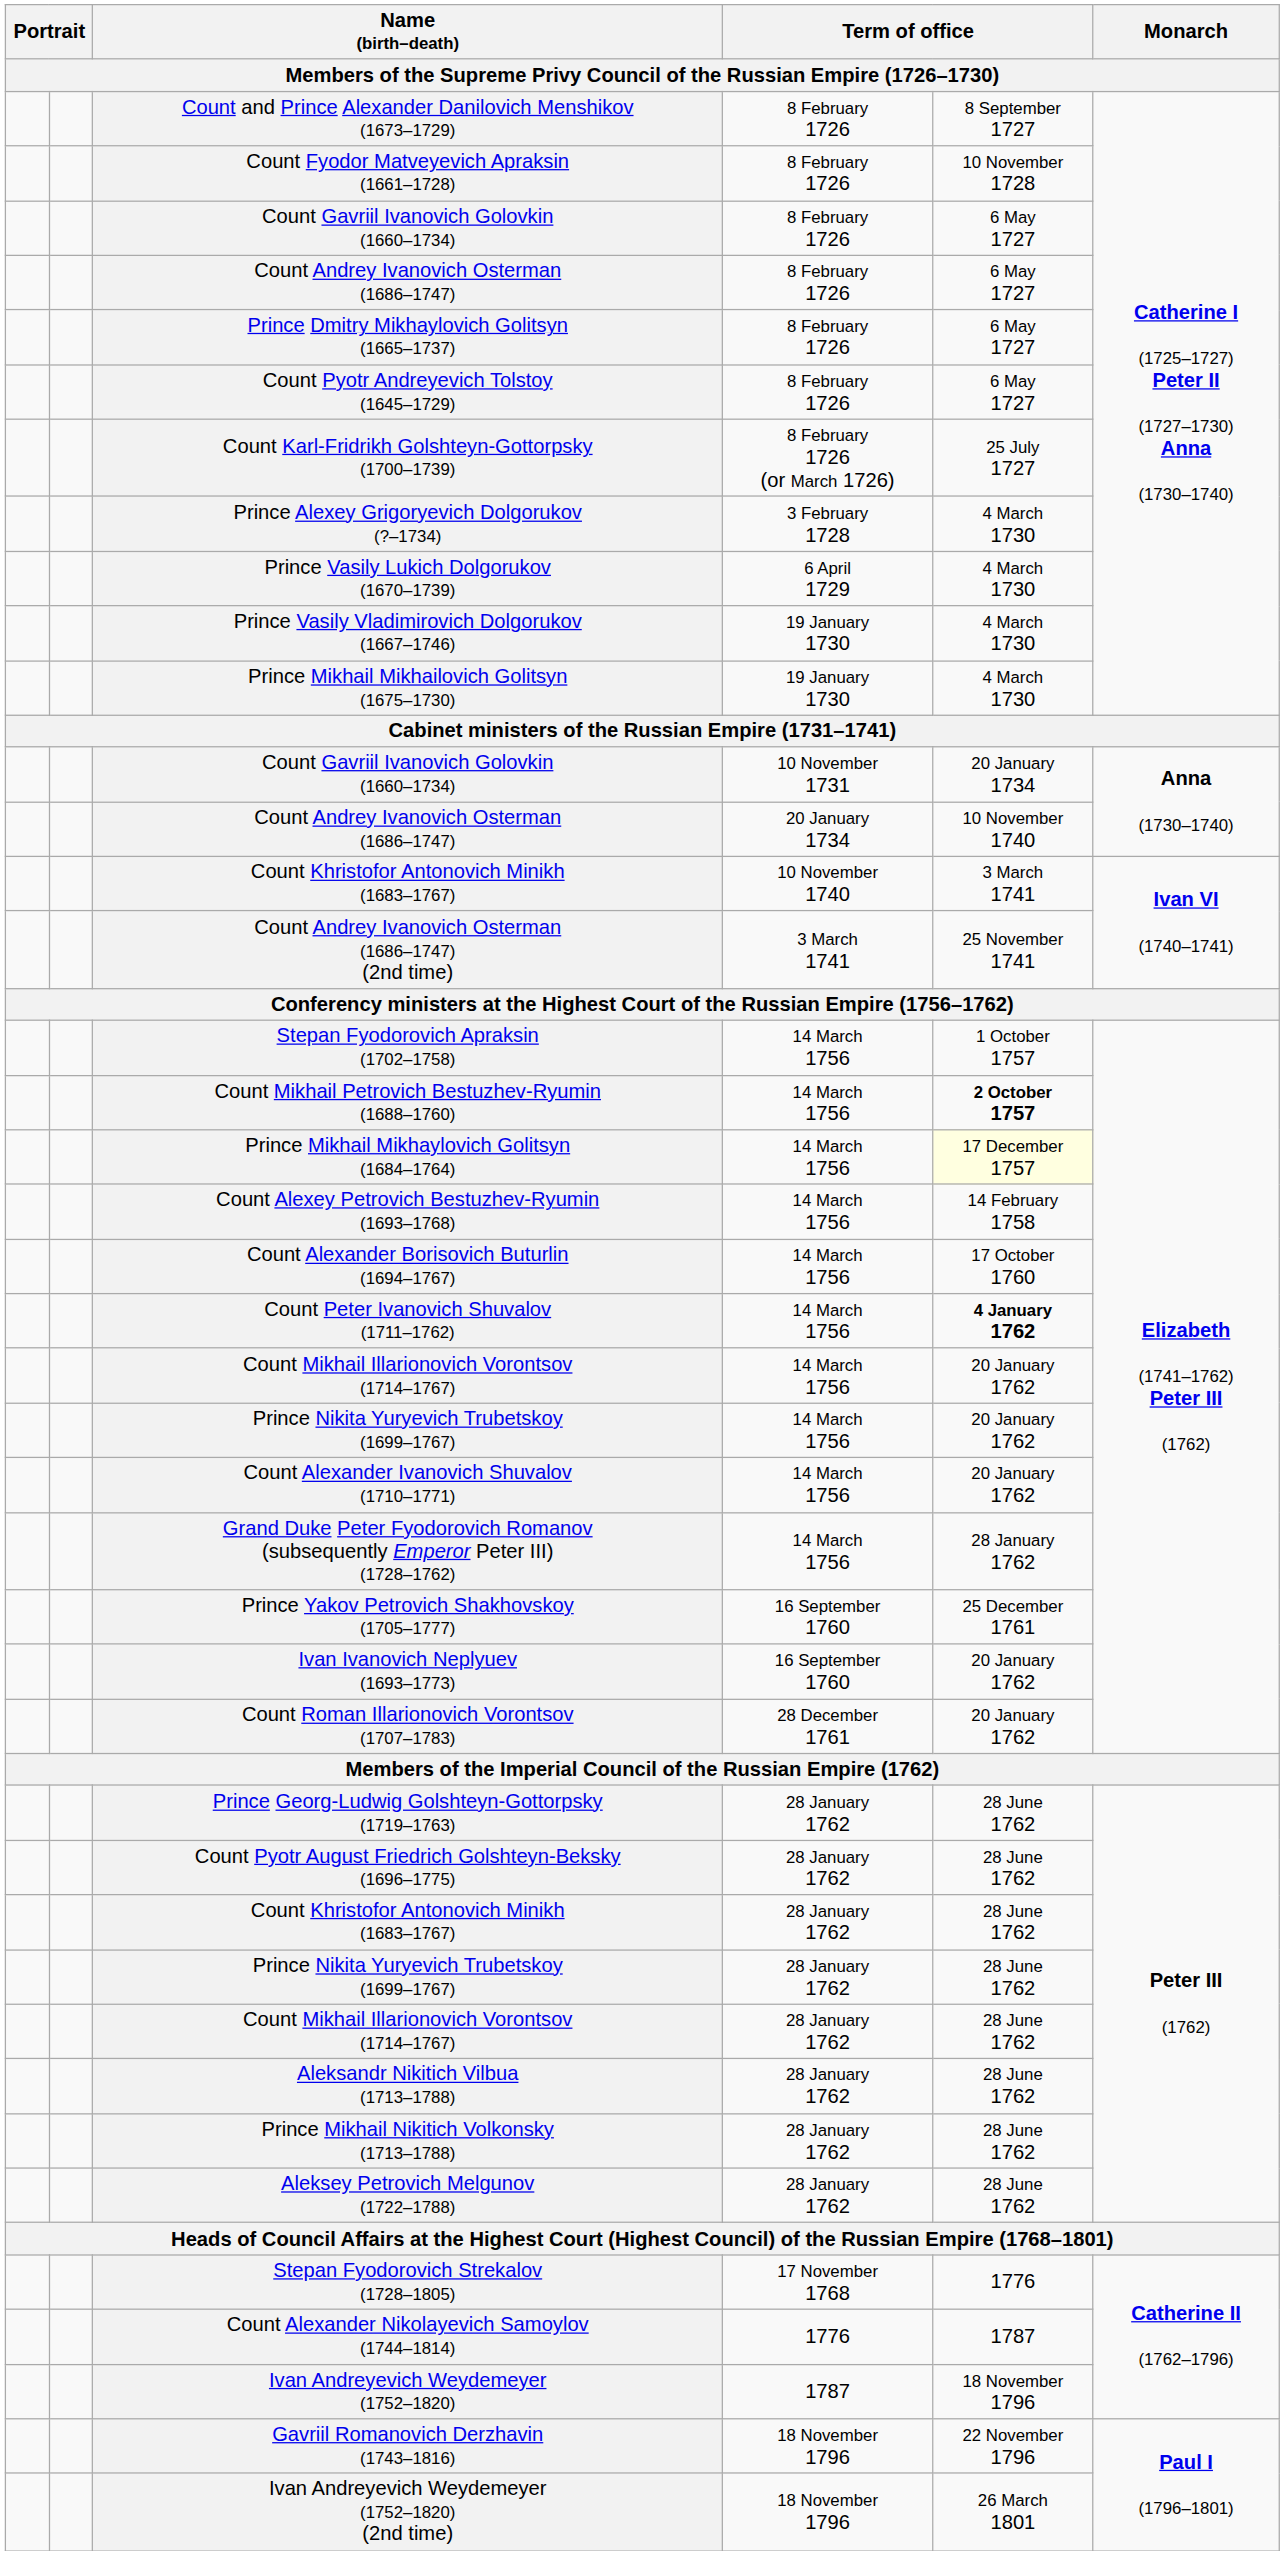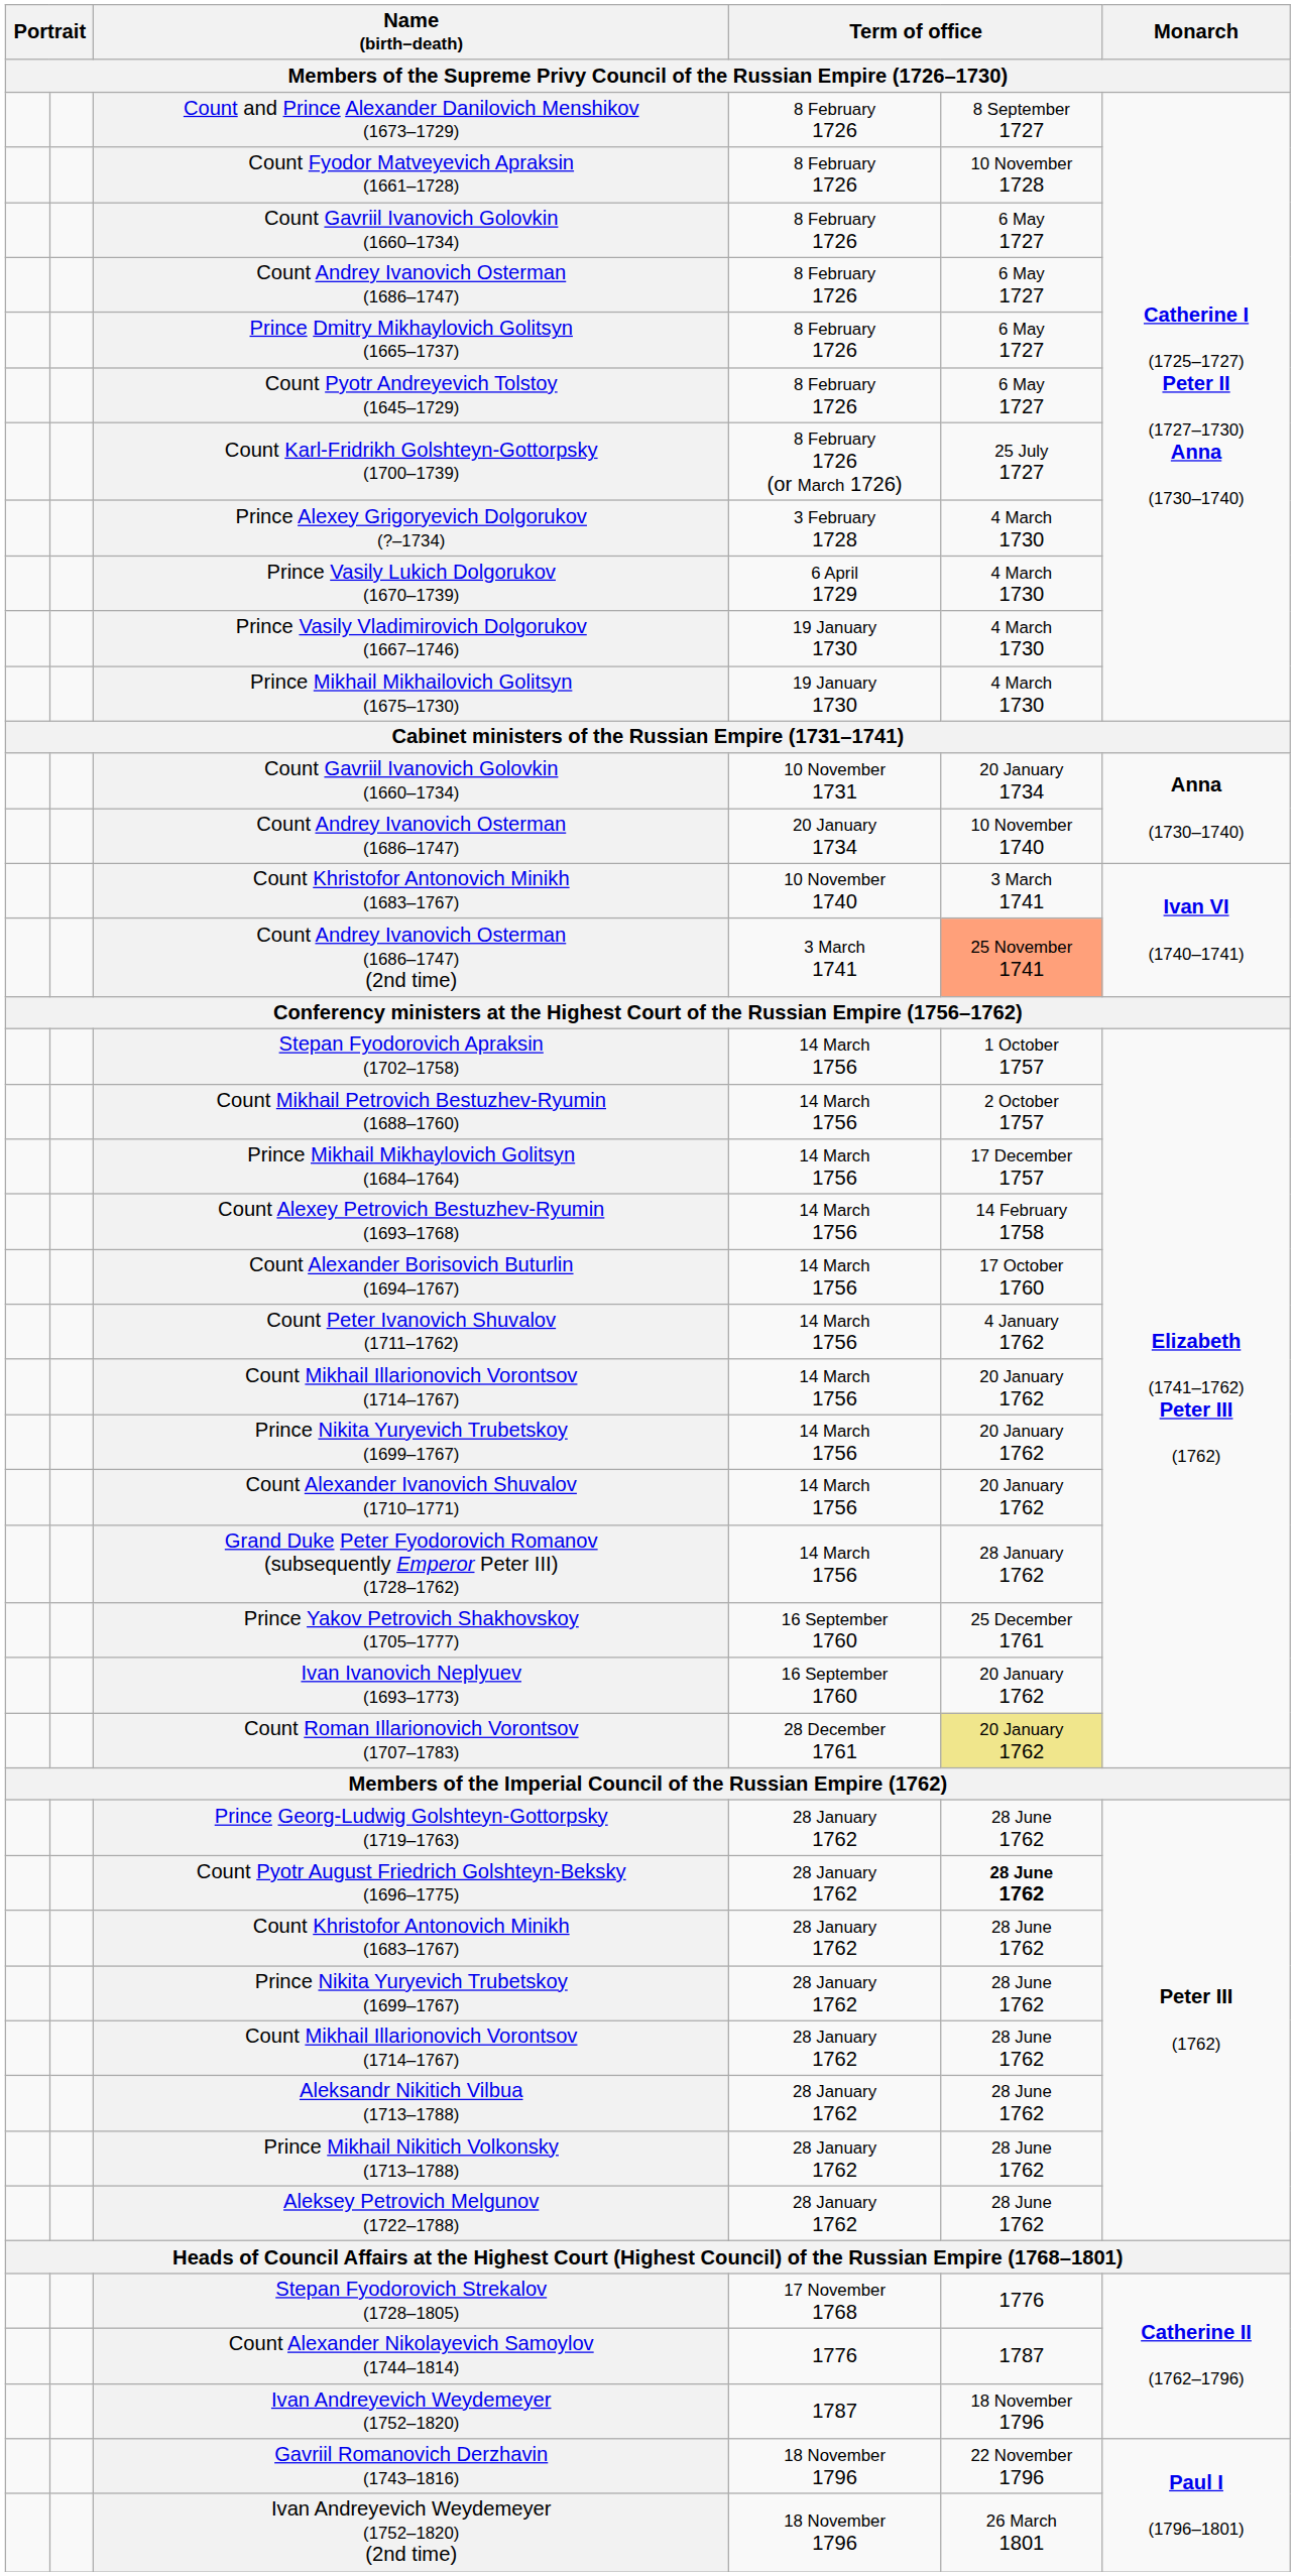 <table class="wikitable" width=80% style="text-align:center; margin: 1em auto 1em auto;">
 <tr>
 <th scope="col" colspan="2" width=1%>Portrait</th>
 <th scope="col" width=34%>Name<br><small>(birth–death)</small></th>
 <th scope="col" colspan="2" width=20%>Term of office</th>
 <th scope="col" width=10%>Monarch</th>
 </tr>
 <tr>
 <th colspan="8">Members of the Supreme Privy Council of the Russian Empire (1726–1730)</th>
 </tr>
 <tr>
 <td style="background-color: "></td>
 <td></td>
 <th scope="row" style="font-weight:normal;"><a href='#'>Count</a> and <a href='#'>Prince</a> <a href='#'>Alexander Danilovich Menshikov</a><br><small>(1673–1729)</small></th>
 <td><small>8 February</small><br>1726</td>
 <td><small>8 September</small><br>1727</td>
 <td rowspan=11><strong><a href='#'>Catherine I</a></strong><br><br><small>(1725–1727)</small><br><strong><a href='#'>Peter II</a></strong><br><br><small>(1727–1730)</small><br><strong><a href='#'>Anna</a></strong><br><br><small>(1730–1740)</small></td>
 </tr>
 <tr>
 <td style="background-color: "></td>
 <td></td>
 <th scope="row" style="font-weight:normal;">Count <a href='#'>Fyodor Matveyevich Apraksin</a><br><small>(1661–1728)</small></th>
 <td><small>8 February</small><br>1726</td>
 <td><small>10 November</small><br>1728</td>
 </tr>
 <tr>
 <td style="background-color: "></td>
 <td></td>
 <th scope="row" style="font-weight:normal;">Count <a href='#'>Gavriil Ivanovich Golovkin</a><br><small>(1660–1734)</small></th>
 <td><small>8 February</small><br>1726</td>
 <td><small>6 May</small><br>1727</td>
 </tr>
 <tr>
 <td style="background-color: "></td>
 <td></td>
 <th scope="row" style="font-weight:normal;">Count <a href='#'>Andrey Ivanovich Osterman</a><br><small>(1686–1747)</small></th>
 <td><small>8 February</small><br>1726</td>
 <td><small>6 May</small><br>1727</td>
 </tr>
 <tr>
 <td style="background-color: "></td>
 <td></td>
 <th scope="row" style="font-weight:normal;"><a href='#'>Prince</a> <a href='#'>Dmitry Mikhaylovich Golitsyn</a><br><small>(1665–1737)</small></th>
 <td><small>8 February</small><br>1726</td>
 <td><small>6 May</small><br>1727</td>
 </tr>
 <tr>
 <td style="background-color: "></td>
 <td></td>
 <th scope="row" style="font-weight:normal;">Count <a href='#'>Pyotr Andreyevich Tolstoy</a><br><small>(1645–1729)</small></th>
 <td><small>8 February</small><br>1726</td>
 <td><small>6 May</small><br>1727</td>
 </tr>
 <tr>
 <td style="background-color: "></td>
 <td></td>
 <th scope="row" style="font-weight:normal;">Count <a href='#'>Karl-Fridrikh Golshteyn-Gottorpsky</a><br><small>(1700–1739)</small></th>
 <td><small>8 February</small><br>1726<br>(or <small>March</small> 1726)</td>
 <td><small>25 July</small><br>1727</td>
 </tr>
 <tr>
 <td style="background-color: "></td>
 <td></td>
 <th scope="row" style="font-weight:normal;">Prince <a href='#'>Alexey Grigoryevich Dolgorukov</a><br><small>(?–1734)</small></th>
 <td><small>3 February</small><br>1728</td>
 <td><small>4 March</small><br>1730</td>
 </tr>
 <tr>
 <td style="background-color: "></td>
 <td></td>
 <th scope="row" style="font-weight:normal;">Prince <a href='#'>Vasily Lukich Dolgorukov</a><br><small>(1670–1739)</small></th>
 <td><small>6 April</small><br>1729</td>
 <td><small>4 March</small><br>1730</td>
 </tr>
 <tr>
 <td style="background-color: "></td>
 <td></td>
 <th scope="row" style="font-weight:normal;">Prince <a href='#'>Vasily Vladimirovich Dolgorukov</a><br><small>(1667–1746)</small></th>
 <td><small>19 January</small><br>1730</td>
 <td><small>4 March</small><br>1730</td>
 </tr>
 <tr>
 <td style="background-color: "></td>
 <td></td>
 <th scope="row" style="font-weight:normal;">Prince <a href='#'>Mikhail Mikhailovich Golitsyn</a><br><small>(1675–1730)</small></th>
 <td><small>19 January</small><br>1730</td>
 <td><small>4 March</small><br>1730</td>
 </tr>
 <tr>
 <th colspan="8">Cabinet ministers of the Russian Empire (1731–1741)</th>
 </tr>
 <tr>
 <td style="background-color: "></td>
 <td></td>
 <th scope="row" style="font-weight:normal;">Count <a href='#'>Gavriil Ivanovich Golovkin</a><br><small>(1660–1734)</small></th>
 <td><small>10 November</small><br>1731</td>
 <td><small>20 January</small><br>1734</td>
 <td rowspan=2><strong>Anna</strong><br><br><small>(1730–1740)</small></td>
 </tr>
 <tr>
 <td style="background-color: "></td>
 <td></td>
 <th scope="row" style="font-weight:normal;">Count <a href='#'>Andrey Ivanovich Osterman</a><br><small>(1686–1747)</small></th>
 <td><small>20 January</small><br>1734</td>
 <td><small>10 November</small><br>1740</td>
 </tr>
 <tr>
 <td style="background-color: "></td>
 <td></td>
 <th scope="row" style="font-weight:normal;">Count <a href='#'>Khristofor Antonovich Minikh</a><br><small>(1683–1767)</small></th>
 <td><small>10 November</small><br>1740</td>
 <td><small>3 March</small><br>1741</td>
 <td rowspan=2><strong><a href='#'>Ivan VI</a></strong><br><br><small>(1740–1741)</small></td>
 </tr>
 <tr>
 <td style="background-color: "></td>
 <td></td>
 <th scope="row" style="font-weight:normal;">Count <a href='#'>Andrey Ivanovich Osterman</a><br><small>(1686–1747)</small><br>(2nd time)<br></th>
 <td><small>3 March</small><br>1741</td>
-<td><small>25 November</small><br>1741</td>
+<td style="background: lightsalmon;"><small>25 November</small><br>1741</td>
 </tr>
 <tr>
 <th colspan="8">Conferency ministers at the Highest Court of the Russian Empire (1756–1762)</th>
 </tr>
 <tr>
 <td style="background-color: "></td>
 <td></td>
 <th scope="row" style="font-weight:normal;"><a href='#'>Stepan Fyodorovich Apraksin</a><br><small>(1702–1758)</small></th>
 <td><small>14 March</small><br>1756</td>
 <td><small>1 October</small><br>1757</td>
 <td rowspan=13><strong><a href='#'>Elizabeth</a></strong><br><br><small>(1741–1762)</small><br><strong><a href='#'>Peter III</a></strong><br><br><small>(1762)</small></td>
 </tr>
 <tr>
 <td style="background-color: "></td>
 <td></td>
 <th scope="row" style="font-weight:normal;">Count <a href='#'>Mikhail Petrovich Bestuzhev-Ryumin</a><br><small>(1688–1760)</small></th>
 <td><small>14 March</small><br>1756</td>
-<td><strong><small>2 October</small><br>1757</strong></td>
+<td><small>2 October</small><br>1757</td>
 </tr>
 <tr>
 <td style="background-color: "></td>
 <td></td>
 <th scope="row" style="font-weight:normal;">Prince <a href='#'>Mikhail Mikhaylovich Golitsyn</a><br><small>(1684–1764)</small></th>
 <td><small>14 March</small><br>1756</td>
-<td style="background: lightyellow;"><small>17 December</small><br>1757</td>
+<td><small>17 December</small><br>1757</td>
 </tr>
 <tr>
 <td style="background-color: "></td>
 <td></td>
 <th scope="row" style="font-weight:normal;">Count <a href='#'>Alexey Petrovich Bestuzhev-Ryumin</a><br><small>(1693–1768)</small></th>
 <td><small>14 March</small><br>1756</td>
 <td><small>14 February</small><br>1758</td>
 </tr>
 <tr>
 <td style="background-color: "></td>
 <td></td>
 <th scope="row" style="font-weight:normal;">Count <a href='#'>Alexander Borisovich Buturlin</a><br><small>(1694–1767)</small></th>
 <td><small>14 March</small><br>1756</td>
 <td><small>17 October</small><br>1760</td>
 </tr>
 <tr>
 <td style="background-color: "></td>
 <td></td>
 <th scope="row" style="font-weight:normal;">Count <a href='#'>Peter Ivanovich Shuvalov</a><br><small>(1711–1762)</small></th>
 <td><small>14 March</small><br>1756</td>
-<td><strong><small>4 January</small><br>1762</strong></td>
+<td><small>4 January</small><br>1762</td>
 </tr>
 <tr>
 <td style="background-color: "></td>
 <td></td>
 <th scope="row" style="font-weight:normal;">Count <a href='#'>Mikhail Illarionovich Vorontsov</a><br><small>(1714–1767)</small></th>
 <td><small>14 March</small><br>1756</td>
 <td><small>20 January</small><br>1762</td>
 </tr>
 <tr>
 <td style="background-color: "></td>
 <td></td>
 <th scope="row" style="font-weight:normal;">Prince <a href='#'>Nikita Yuryevich Trubetskoy</a><br><small>(1699–1767)</small></th>
 <td><small>14 March</small><br>1756</td>
 <td><small>20 January</small><br>1762</td>
 </tr>
 <tr>
 <td style="background-color: "></td>
 <td></td>
 <th scope="row" style="font-weight:normal;">Count <a href='#'>Alexander Ivanovich Shuvalov</a><br><small>(1710–1771)</small></th>
 <td><small>14 March</small><br>1756</td>
 <td><small>20 January</small><br>1762</td>
 </tr>
 <tr>
 <td style="background-color: "></td>
 <td></td>
 <th scope="row" style="font-weight:normal;"><a href='#'>Grand Duke</a> <a href='#'>Peter Fyodorovich Romanov</a><br>(subsequently <em><a href='#'>Emperor</a></em> Peter III)<br><small>(1728–1762)</small></th>
 <td><small>14 March</small><br>1756</td>
 <td><small>28 January</small><br>1762</td>
 </tr>
 <tr>
 <td style="background-color: "></td>
 <td></td>
 <th scope="row" style="font-weight:normal;">Prince <a href='#'>Yakov Petrovich Shakhovskoy</a><br><small>(1705–1777)</small></th>
 <td><small>16 September</small><br>1760</td>
 <td><small>25 December</small><br>1761</td>
 </tr>
 <tr>
 <td style="background-color: "></td>
 <td></td>
 <th scope="row" style="font-weight:normal;"><a href='#'>Ivan Ivanovich Neplyuev</a><br><small>(1693–1773)</small></th>
 <td><small>16 September</small><br>1760</td>
 <td><small>20 January</small><br>1762</td>
 </tr>
 <tr>
 <td style="background-color: "></td>
 <td></td>
 <th scope="row" style="font-weight:normal;">Count <a href='#'>Roman Illarionovich Vorontsov</a><br><small>(1707–1783)</small></th>
 <td><small>28 December</small><br>1761</td>
-<td><small>20 January</small><br>1762</td>
+<td style="background: khaki;"><small>20 January</small><br>1762</td>
 </tr>
 <tr>
 <th colspan="8">Members of the Imperial Council of the Russian Empire (1762)</th>
 </tr>
 <tr>
 <td style="background-color: "></td>
 <td></td>
 <th scope="row" style="font-weight:normal;"><a href='#'>Prince</a> <a href='#'>Georg-Ludwig Golshteyn-Gottorpsky</a><br><small>(1719–1763)</small></th>
 <td><small>28 January</small><br>1762</td>
 <td><small>28 June</small><br>1762</td>
 <td rowspan=8><strong>Peter III</strong><br><br><small>(1762)</small></td>
 </tr>
 <tr>
 <td style="background-color: "></td>
 <td></td>
 <th scope="row" style="font-weight:normal;">Count <a href='#'>Pyotr August Friedrich Golshteyn-Beksky</a><br><small>(1696–1775)</small></th>
 <td><small>28 January</small><br>1762</td>
-<td><small>28 June</small><br>1762</td>
+<td><strong><small>28 June</small><br>1762</strong></td>
 </tr>
 <tr>
 <td style="background-color: "></td>
 <td></td>
 <th scope="row" style="font-weight:normal;">Count <a href='#'>Khristofor Antonovich Minikh</a><br><small>(1683–1767)</small></th>
 <td><small>28 January</small><br>1762</td>
 <td><small>28 June</small><br>1762</td>
 </tr>
 <tr>
 <td style="background-color: "></td>
 <td></td>
 <th scope="row" style="font-weight:normal;">Prince <a href='#'>Nikita Yuryevich Trubetskoy</a><br><small>(1699–1767)</small></th>
 <td><small>28 January</small><br>1762</td>
 <td><small>28 June</small><br>1762</td>
 </tr>
 <tr>
 <td style="background-color: "></td>
 <td></td>
 <th scope="row" style="font-weight:normal;">Count <a href='#'>Mikhail Illarionovich Vorontsov</a><br><small>(1714–1767)</small></th>
 <td><small>28 January</small><br>1762</td>
 <td><small>28 June</small><br>1762</td>
 </tr>
 <tr>
 <td style="background-color: "></td>
 <td></td>
 <th scope="row" style="font-weight:normal;"><a href='#'>Aleksandr Nikitich Vilbua</a><br><small>(1713–1788)</small></th>
 <td><small>28 January</small><br>1762</td>
 <td><small>28 June</small><br>1762</td>
 </tr>
 <tr>
 <td style="background-color: "></td>
 <td></td>
 <th scope="row" style="font-weight:normal;">Prince <a href='#'>Mikhail Nikitich Volkonsky</a><br><small>(1713–1788)</small></th>
 <td><small>28 January</small><br>1762</td>
 <td><small>28 June</small><br>1762</td>
 </tr>
 <tr>
 <td style="background-color: "></td>
 <td></td>
 <th scope="row" style="font-weight:normal;"><a href='#'>Aleksey Petrovich Melgunov</a><br><small>(1722–1788)</small></th>
 <td><small>28 January</small><br>1762</td>
 <td><small>28 June</small><br>1762</td>
 </tr>
 <tr>
 <th colspan="8">Heads of Council Affairs at the Highest Court (Highest Council) of the Russian Empire (1768–1801)</th>
 </tr>
 <tr>
 <td style="background-color: "></td>
 <td></td>
 <th scope="row" style="font-weight:normal;"><a href='#'>Stepan Fyodorovich Strekalov</a><br><small>(1728–1805)</small></th>
 <td><small>17 November</small><br>1768</td>
 <td>1776</td>
 <td rowspan=3><strong><a href='#'>Catherine II</a></strong><br><br><small>(1762–1796)</small></td>
 </tr>
 <tr>
 <td style="background-color: "></td>
 <td></td>
 <th scope="row" style="font-weight:normal;">Count <a href='#'>Alexander Nikolayevich Samoylov</a><br><small>(1744–1814)</small></th>
 <td>1776</td>
 <td>1787</td>
 </tr>
 <tr>
 <td style="background-color: "></td>
 <td></td>
 <th scope="row" style="font-weight:normal;"><a href='#'>Ivan Andreyevich Weydemeyer</a><br><small>(1752–1820)</small></th>
 <td>1787</td>
 <td><small>18 November</small><br>1796</td>
 </tr>
 <tr>
 <td style="background-color: "></td>
 <td></td>
 <th scope="row" style="font-weight:normal;"><a href='#'>Gavriil Romanovich Derzhavin</a><br><small>(1743–1816)</small></th>
 <td><small>18 November</small><br>1796</td>
 <td><small>22 November</small><br>1796</td>
 <td rowspan=2><strong><a href='#'>Paul I</a></strong><br><br><small>(1796–1801)</small></td>
 </tr>
 <tr>
 <td style="background-color: "></td>
 <td></td>
 <th scope="row" style="font-weight:normal;">Ivan Andreyevich Weydemeyer<br><small>(1752–1820)</small><br>(2nd time)<br></th>
 <td><small>18 November</small><br>1796</td>
 <td><small>26 March</small><br>1801</td>
 </tr>
 </table>
